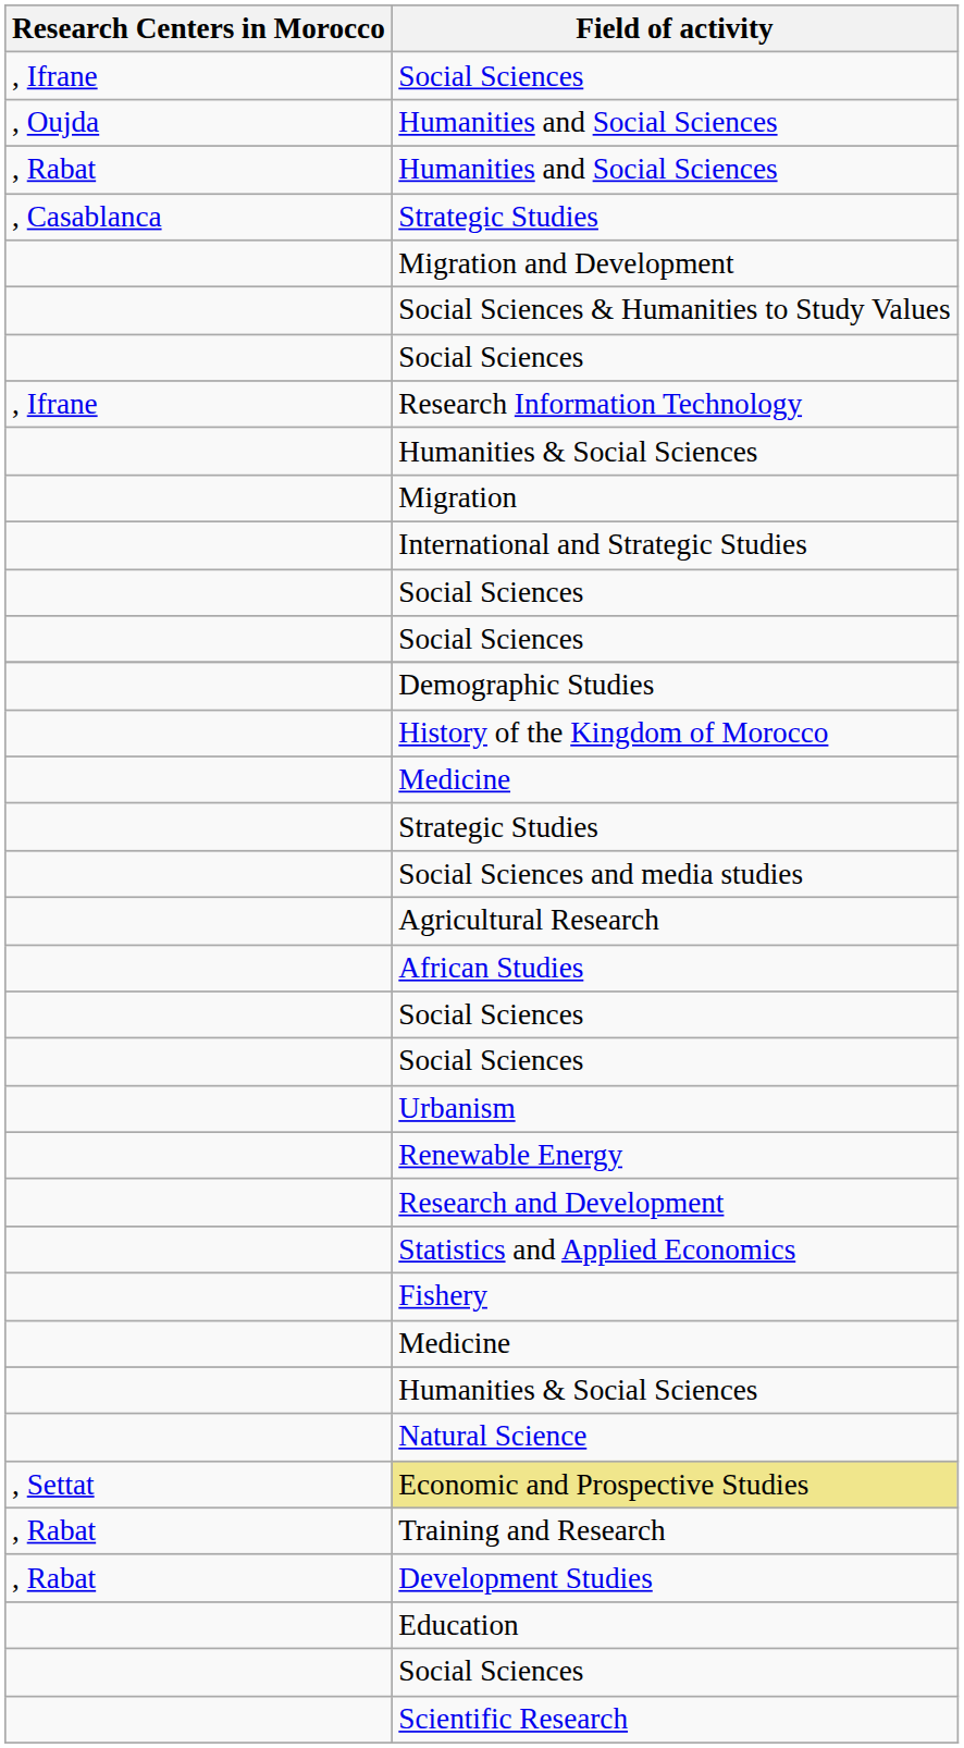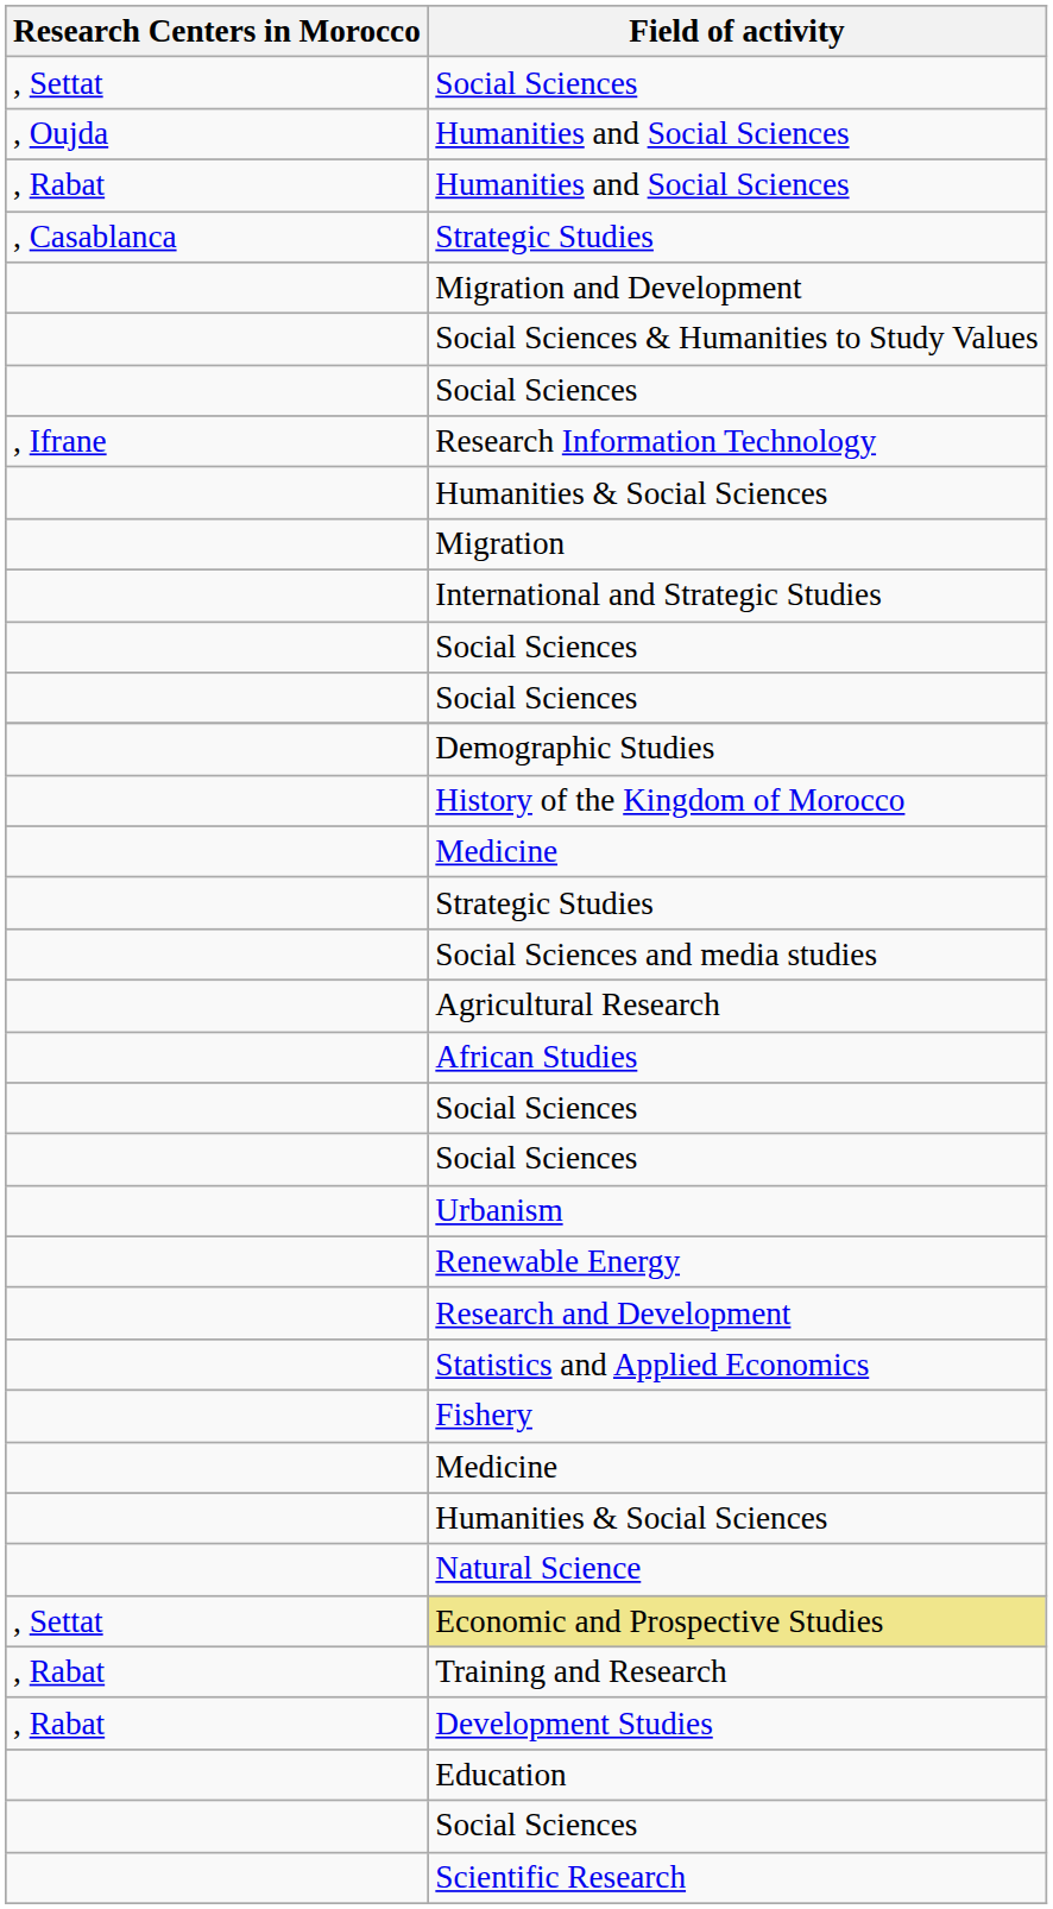 <table class="wikitable sortable">
 <tr>
 <th>Research Centers in Morocco</th>
 <th>Field of activity</th>
 </tr>
 <tr>
-<td>, <a href='#'>Ifrane</a></td>
+<td>, <a href='#'>Settat</a></td>
 <td><a href='#'>Social Sciences</a></td>
 </tr>
 <tr>
 <td>, <a href='#'>Oujda</a></td>
 <td><a href='#'>Humanities</a> and <a href='#'>Social Sciences</a></td>
 </tr>
 <tr>
 <td>, <a href='#'>Rabat</a></td>
 <td><a href='#'>Humanities</a> and <a href='#'>Social Sciences</a></td>
 </tr>
 <tr>
 <td>, <a href='#'>Casablanca</a></td>
 <td><a href='#'>Strategic Studies</a></td>
 </tr>
 <tr>
 <td> </td>
 <td>Migration and Development</td>
 </tr>
 <tr>
 <td></td>
 <td>Social Sciences & Humanities to Study Values</td>
 </tr>
 <tr>
 <td></td>
 <td>Social Sciences</td>
 </tr>
 <tr>
 <td>, <a href='#'>Ifrane</a></td>
 <td>Research <a href='#'>Information Technology</a></td>
 </tr>
 <tr>
 <td></td>
 <td>Humanities & Social Sciences</td>
 </tr>
 <tr>
 <td></td>
 <td>Migration</td>
 </tr>
 <tr>
 <td></td>
 <td>International and Strategic Studies</td>
 </tr>
 <tr>
 <td></td>
 <td>Social Sciences</td>
 </tr>
 <tr>
 <td></td>
 <td>Social Sciences</td>
 </tr>
 <tr>
 </tr>
 <tr http://www.fondation.org.ma/default_ang.html/  King Abdul Aziz al-Saoud Foundation for Islamic Studies and Humanities, Casablanca] ||  Humanities and Islamic Studies>
 </tr>
 <tr>
 <td></td>
 <td>Demographic Studies</td>
 </tr>
 <tr>
 <td></td>
 <td><a href='#'>History</a> of the <a href='#'>Kingdom of Morocco</a></td>
 </tr>
 <tr>
 <td></td>
 <td><a href='#'>Medicine</a></td>
 </tr>
 <tr>
 <td></td>
 <td>Strategic Studies</td>
 </tr>
 <tr>
 <td></td>
 <td>Social Sciences and media studies</td>
 </tr>
 <tr>
 <td></td>
 <td>Agricultural Research</td>
 </tr>
 <tr>
 <td></td>
 <td><a href='#'>African Studies</a></td>
 </tr>
 <tr>
 <td></td>
 <td>Social Sciences</td>
 </tr>
 <tr>
 <td></td>
 <td>Social Sciences</td>
 </tr>
 <tr>
 <td> </td>
 <td><a href='#'>Urbanism</a></td>
 </tr>
 <tr>
 <td></td>
 <td><a href='#'>Renewable Energy</a></td>
 </tr>
 <tr>
 <td></td>
 <td><a href='#'>Research and Development</a></td>
 </tr>
 <tr>
 <td></td>
 <td><a href='#'>Statistics</a> and <a href='#'>Applied Economics</a></td>
 </tr>
 <tr>
 <td></td>
 <td><a href='#'>Fishery</a></td>
 </tr>
 <tr>
 <td></td>
 <td>Medicine</td>
 </tr>
 <tr>
 <td></td>
 <td>Humanities & Social Sciences</td>
 </tr>
 <tr>
 <td> </td>
 <td><a href='#'>Natural Science</a></td>
 </tr>
 <tr>
 <td>, <a href='#'>Settat</a></td>
 <td style="background: khaki;">Economic and Prospective Studies</td>
 </tr>
 <tr>
 <td>, <a href='#'>Rabat</a></td>
 <td>Training and Research</td>
 </tr>
 <tr>
 <td>, <a href='#'>Rabat</a></td>
 <td><a href='#'>Development Studies</a></td>
 </tr>
 <tr>
 <td></td>
 <td>Education</td>
 </tr>
 <tr>
 <td></td>
 <td>Social Sciences</td>
 </tr>
 <tr>
 <td></td>
 <td><a href='#'>Scientific Research</a></td>
 </tr>
 </table>
